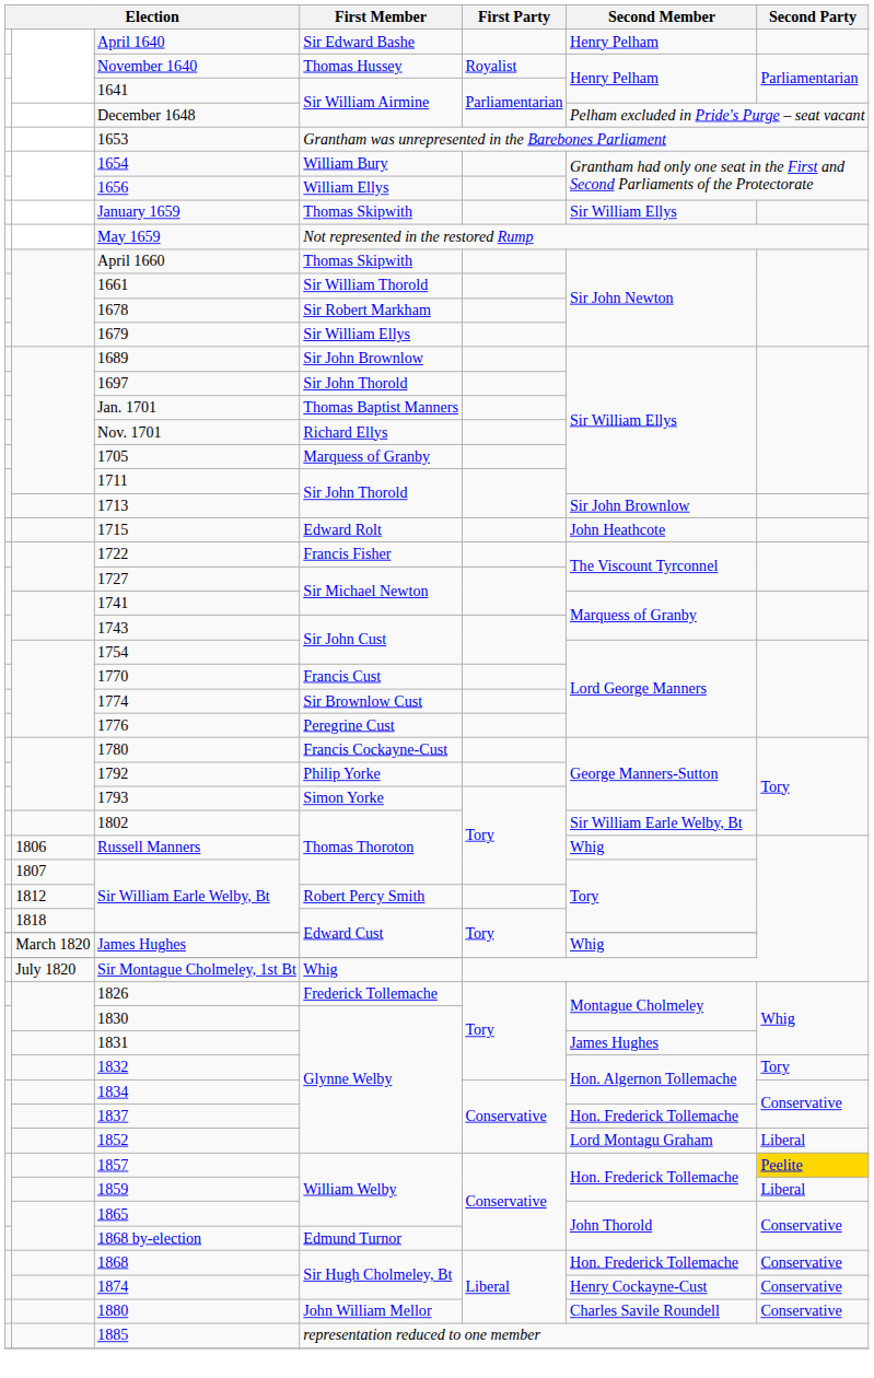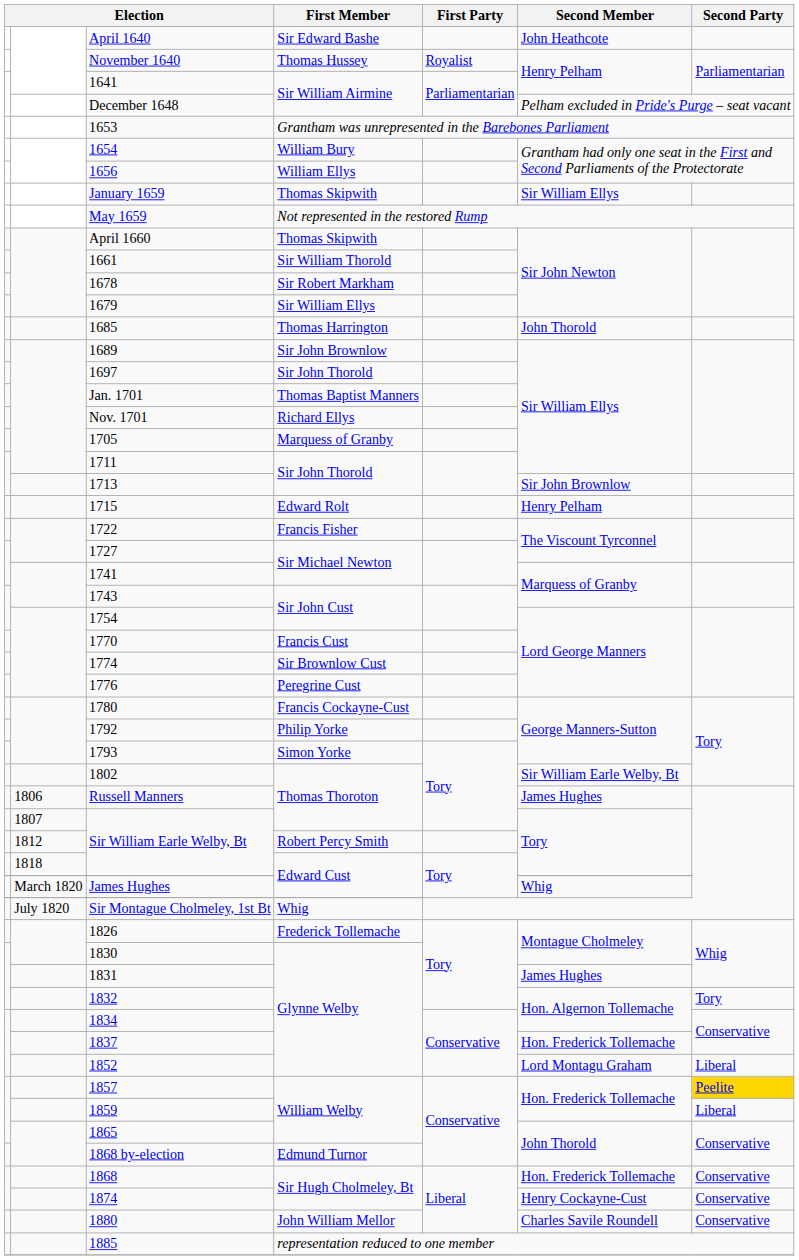 <table class="wikitable">
 <tr>
 <th colspan="3">Election</th>
 <th>First Member</th>
 <th>First Party</th>
 <th>Second Member</th>
 <th>Second Party</th>
 </tr>
 <tr>
 <td style="color:inherit;background-color: white"></td>
 <td rowspan="3" style="color:inherit;background-color: white"></td>
 <td><a href='#'>April 1640</a></td>
 <td><a href='#'>Sir Edward Bashe</a></td>
 <td></td>
-<td><a href='#'>Henry Pelham</a></td>
+<td><a href='#'>John Heathcote</a></td>
 <td></td>
 </tr>
 <tr>
 <td style="color:inherit;background-color: white"></td>
 <td><a href='#'>November 1640</a></td>
 <td><a href='#'>Thomas Hussey</a></td>
 <td><a href='#'>Royalist</a></td>
 <td rowspan="2"><a href='#'>Henry Pelham</a></td>
 <td rowspan="2"><a href='#'>Parliamentarian</a></td>
 </tr>
 <tr>
 <td rowspan="2" style="color:inherit;background-color: white"></td>
 <td>1641</td>
 <td rowspan="2"><a href='#'>Sir William Airmine</a></td>
 <td rowspan="2"><a href='#'>Parliamentarian</a></td>
 </tr>
 <tr>
 <td style="color:inherit;background-color: white"></td>
 <td>December 1648</td>
 <td colspan="2"><em>Pelham excluded in <a href='#'>Pride's Purge</a> – seat vacant</em></td>
 </tr>
 <tr>
 <td style="color:inherit;background-color: white"></td>
 <td style="color:inherit;background-color: white"></td>
 <td>1653</td>
 <td colspan="4"><em>Grantham was unrepresented in the <a href='#'>Barebones Parliament</a></em></td>
 </tr>
 <tr>
 <td style="color:inherit;background-color: white"></td>
 <td rowspan="2" style="color:inherit;background-color: white"></td>
 <td><a href='#'>1654</a></td>
 <td><a href='#'>William Bury</a></td>
 <td></td>
 <td rowspan="2" colspan="2"><em>Grantham had only one seat in the <a href='#'>First</a>  and <br><a href='#'>Second</a> Parliaments of the Protectorate</em></td>
 </tr>
 <tr>
 <td style="color:inherit;background-color: white"></td>
 <td><a href='#'>1656</a></td>
 <td><a href='#'>William Ellys</a></td>
 <td></td>
 </tr>
 <tr>
 <td style="color:inherit;background-color: white"></td>
 <td style="color:inherit;background-color: white"></td>
 <td><a href='#'>January 1659</a></td>
 <td><a href='#'>Thomas Skipwith</a></td>
 <td></td>
 <td><a href='#'>Sir William Ellys</a></td>
 <td></td>
 </tr>
 <tr>
 <td style="color:inherit;background-color: white"></td>
 <td style="color:inherit;background-color: white"></td>
 <td><a href='#'>May 1659</a></td>
 <td colspan="4"><em>Not represented in the restored <a href='#'>Rump</a></em></td>
 </tr>
 <tr>
 <td></td>
 <td rowspan="4"></td>
 <td>April 1660</td>
 <td><a href='#'>Thomas Skipwith</a></td>
 <td></td>
 <td rowspan="4"><a href='#'>Sir John Newton</a></td>
 <td rowspan="4"></td>
 </tr>
 <tr>
 <td></td>
 <td>1661</td>
 <td><a href='#'>Sir William Thorold</a></td>
 <td></td>
 </tr>
 <tr>
 <td></td>
 <td>1678</td>
 <td><a href='#'>Sir Robert Markham</a></td>
 <td></td>
 </tr>
 <tr>
 <td></td>
 <td>1679</td>
 <td><a href='#'>Sir William Ellys</a></td>
 <td></td>
 </tr>
 <tr>
 <td></td>
+<td></td>
+<td>1685</td>
+<td><a href='#'>Thomas Harrington</a></td>
+<td></td>
+<td><a href='#'>John Thorold</a></td>
+<td></td>
+</tr>
+<tr>
+<td></td>
 <td rowspan="6"></td>
 <td>1689</td>
 <td><a href='#'>Sir John Brownlow</a></td>
 <td></td>
 <td rowspan="6"><a href='#'>Sir William Ellys</a></td>
 <td rowspan="6"></td>
 </tr>
 <tr>
 <td></td>
 <td>1697</td>
 <td><a href='#'>Sir John Thorold</a></td>
 <td></td>
 </tr>
 <tr>
 <td></td>
 <td>Jan. 1701</td>
 <td><a href='#'>Thomas Baptist Manners</a></td>
 <td></td>
 </tr>
 <tr>
 <td></td>
 <td>Nov. 1701</td>
 <td><a href='#'>Richard Ellys</a></td>
 <td></td>
 </tr>
 <tr>
 <td></td>
 <td>1705</td>
 <td><a href='#'>Marquess of Granby</a></td>
 <td></td>
 </tr>
 <tr>
 <td rowspan="2"></td>
 <td>1711</td>
 <td rowspan="2"><a href='#'>Sir John Thorold</a></td>
 <td rowspan="2"></td>
 </tr>
 <tr>
 <td></td>
 <td>1713</td>
 <td><a href='#'>Sir John Brownlow</a></td>
 <td></td>
 </tr>
 <tr>
 <td></td>
 <td></td>
 <td>1715</td>
 <td><a href='#'>Edward Rolt</a></td>
 <td></td>
-<td><a href='#'>John Heathcote</a></td>
+<td><a href='#'>Henry Pelham</a></td>
 <td></td>
 </tr>
 <tr>
 <td></td>
 <td rowspan="2"></td>
 <td>1722</td>
 <td><a href='#'>Francis Fisher</a></td>
 <td></td>
 <td rowspan="2"><a href='#'>The Viscount Tyrconnel</a></td>
 <td rowspan="2"></td>
 </tr>
 <tr>
 <td rowspan="2"></td>
 <td>1727</td>
 <td rowspan="2"><a href='#'>Sir Michael Newton</a></td>
 <td rowspan="2"></td>
 </tr>
 <tr>
 <td rowspan="2"></td>
 <td>1741</td>
 <td rowspan="2"><a href='#'>Marquess of Granby</a></td>
 <td rowspan="2"></td>
 </tr>
 <tr>
 <td rowspan="2"></td>
 <td>1743</td>
 <td rowspan="2"><a href='#'>Sir John Cust</a></td>
 <td rowspan="2"></td>
 </tr>
 <tr>
 <td rowspan="4"></td>
 <td>1754</td>
 <td rowspan="4"><a href='#'>Lord George Manners</a></td>
 <td rowspan="4"></td>
 </tr>
 <tr>
 <td></td>
 <td>1770</td>
 <td><a href='#'>Francis Cust</a></td>
 <td></td>
 </tr>
 <tr>
 <td></td>
 <td>1774</td>
 <td><a href='#'>Sir Brownlow Cust</a></td>
 <td></td>
 </tr>
 <tr>
 <td></td>
 <td>1776</td>
 <td><a href='#'>Peregrine Cust</a></td>
 <td></td>
 </tr>
 <tr>
 <td></td>
 <td rowspan="3" style="color:inherit;background-color: "></td>
 <td>1780</td>
 <td><a href='#'>Francis Cockayne-Cust</a></td>
 <td></td>
 <td rowspan="3"><a href='#'>George Manners-Sutton</a></td>
 <td rowspan="4"><a href='#'>Tory</a></td>
 </tr>
 <tr>
 <td></td>
 <td>1792</td>
 <td><a href='#'>Philip Yorke</a></td>
 <td></td>
 </tr>
 <tr>
 <td style="color:inherit;background-color: "></td>
 <td>1793</td>
 <td><a href='#'>Simon Yorke</a></td>
 <td rowspan="4"><a href='#'>Tory</a></td>
 </tr>
 <tr>
 <td style="color:inherit;background-color: "></td>
 <td style="color:inherit;background-color: "></td>
 <td>1802</td>
 <td rowspan="3"><a href='#'>Thomas Thoroton</a></td>
 <td><a href='#'>Sir William Earle Welby, Bt</a></td>
 </tr>
 <tr>
 <td style="color:inherit;background-color: "></td>
 <td>1806</td>
 <td><a href='#'>Russell Manners</a></td>
-<td><a href='#'>Whig</a></td>
+<td><a href='#'>James Hughes</a></td>
 </tr>
 <tr>
 <td style="color:inherit;background-color: "></td>
 <td>1807</td>
 <td rowspan="3"><a href='#'>Sir William Earle Welby, Bt</a></td>
 <td rowspan="3"><a href='#'>Tory</a></td>
 </tr>
 <tr>
 <td></td>
 <td>1812</td>
 <td><a href='#'>Robert Percy Smith</a></td>
 <td></td>
 </tr>
 <tr>
 <td style="color:inherit;background-color: "></td>
 <td>1818</td>
 <td rowspan="3"><a href='#'>Edward Cust</a></td>
 <td rowspan="3"><a href='#'>Tory</a></td>
 </tr>
 <tr>
 </tr>
 <tr>
 <td style="color:inherit;background-color: "></td>
 <td>March 1820</td>
 <td><a href='#'>James Hughes</a></td>
 <td><a href='#'>Whig</a></td>
 </tr>
 <tr>
 </tr>
 <tr>
 <td style="color:inherit;background-color: "></td>
 <td>July 1820</td>
 <td><a href='#'>Sir Montague Cholmeley, 1st Bt</a></td>
 <td><a href='#'>Whig</a></td>
 </tr>
 <tr>
 <td style="color:inherit;background-color: "></td>
 <td rowspan="2" style="color:inherit;background-color: "></td>
 <td>1826</td>
 <td><a href='#'>Frederick Tollemache</a></td>
 <td rowspan="4"><a href='#'>Tory</a></td>
 <td rowspan="2"><a href='#'>Montague Cholmeley</a></td>
 <td rowspan="3"><a href='#'>Whig</a></td>
 </tr>
 <tr>
 <td rowspan="3" style="color:inherit;background-color: "></td>
 <td>1830</td>
 <td rowspan="6"><a href='#'>Glynne Welby</a></td>
 </tr>
 <tr>
 <td style="color:inherit;background-color: "></td>
 <td>1831</td>
 <td><a href='#'>James Hughes</a></td>
 </tr>
 <tr>
 <td style="color:inherit;background-color: "></td>
 <td><a href='#'>1832</a></td>
 <td rowspan="2"><a href='#'>Hon. Algernon Tollemache</a></td>
 <td><a href='#'>Tory</a></td>
 </tr>
 <tr>
 <td rowspan="3" style="color:inherit;background-color: "></td>
 <td style="color:inherit;background-color: "></td>
 <td><a href='#'>1834</a></td>
 <td rowspan="3"><a href='#'>Conservative</a></td>
 <td rowspan="2"><a href='#'>Conservative</a></td>
 </tr>
 <tr>
 <td style="color:inherit;background-color: "></td>
 <td><a href='#'>1837</a></td>
 <td><a href='#'>Hon. Frederick Tollemache</a></td>
 </tr>
 <tr>
 <td style="color:inherit;background-color: "></td>
 <td><a href='#'>1852</a></td>
 <td><a href='#'>Lord Montagu Graham</a></td>
 <td><a href='#'>Liberal</a></td>
 </tr>
 <tr>
 <td rowspan="3" style="color:inherit;background-color: "></td>
 <td style="color:inherit;background-color: "></td>
 <td><a href='#'>1857</a></td>
 <td rowspan="3"><a href='#'>William Welby</a></td>
 <td rowspan="4"><a href='#'>Conservative</a></td>
 <td rowspan="2"><a href='#'>Hon. Frederick Tollemache</a></td>
 <td style="background: gold;"><a href='#'>Peelite</a></td>
 </tr>
 <tr>
 <td style="color:inherit;background-color: "></td>
 <td><a href='#'>1859</a></td>
 <td><a href='#'>Liberal</a></td>
 </tr>
 <tr>
 <td rowspan="2" style="color:inherit;background-color: "></td>
 <td><a href='#'>1865</a></td>
 <td rowspan="2"><a href='#'>John Thorold</a></td>
 <td rowspan="2"><a href='#'>Conservative</a></td>
 </tr>
 <tr>
 <td style="color:inherit;background-color: "></td>
 <td><a href='#'>1868 by-election</a></td>
 <td><a href='#'>Edmund Turnor</a></td>
 </tr>
 <tr>
 <td rowspan="2" style="color:inherit;background-color: "></td>
 <td style="color:inherit;background-color: "></td>
 <td><a href='#'>1868</a></td>
 <td rowspan="2"><a href='#'>Sir Hugh Cholmeley, Bt</a></td>
 <td rowspan="3"><a href='#'>Liberal</a></td>
 <td><a href='#'>Hon. Frederick Tollemache</a></td>
 <td><a href='#'>Conservative</a></td>
 </tr>
 <tr>
 <td style="color:inherit;background-color: "></td>
 <td><a href='#'>1874</a></td>
 <td><a href='#'>Henry Cockayne-Cust</a></td>
 <td><a href='#'>Conservative</a></td>
 </tr>
 <tr>
 <td style="color:inherit;background-color: "></td>
 <td style="color:inherit;background-color: "></td>
 <td><a href='#'>1880</a></td>
 <td><a href='#'>John William Mellor</a></td>
 <td><a href='#'>Charles Savile Roundell</a></td>
 <td><a href='#'>Conservative</a></td>
 </tr>
 <tr>
 <td></td>
 <td></td>
 <td><a href='#'>1885</a></td>
 <td colspan="4"><em>representation reduced to one member</em></td>
 </tr>
 <tr>
 </tr>
 </table>
